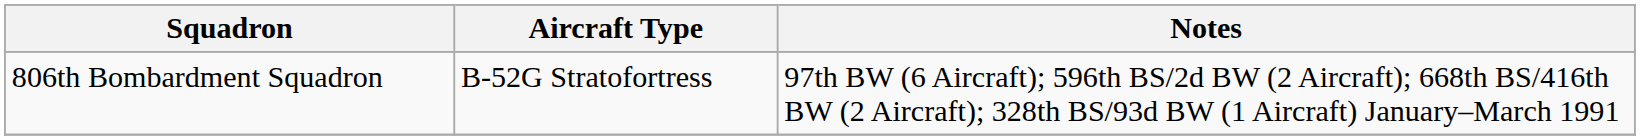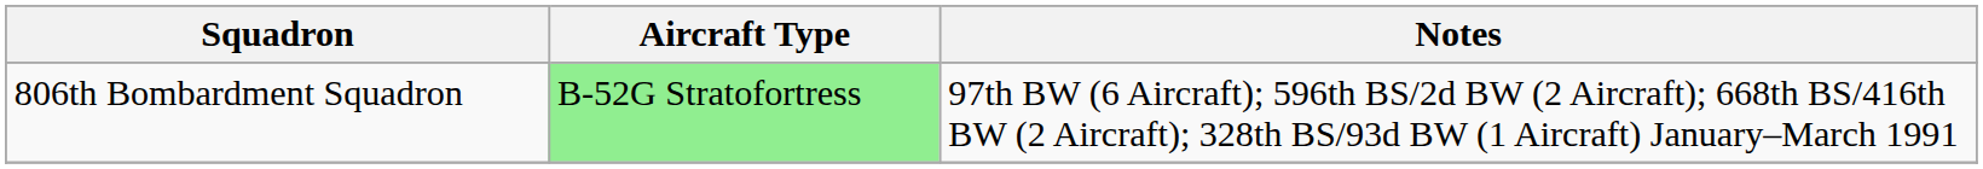 <table class="wikitable">
 <tr>
 <th scope="col" width="250">Squadron</th>
 <th scope="col" width="175">Aircraft Type</th>
 <th scope="col" width="500">Notes</th>
 </tr>
 <tr valign="top">
 <td>806th Bombardment Squadron</td>
-<td>B-52G Stratofortress</td>
+<td style="background: lightgreen;">B-52G Stratofortress</td>
 <td>97th BW (6 Aircraft); 596th BS/2d BW (2 Aircraft); 668th BS/416th BW (2 Aircraft); 328th BS/93d BW (1 Aircraft) January–March 1991</td>
 </tr>
 <tr>
 </tr>
 <tr>
 </tr>
 </table>
